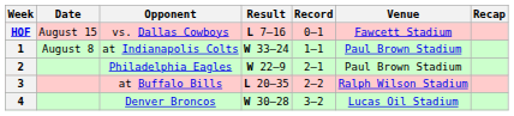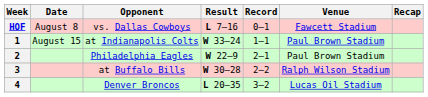 <table class="wikitable" style="text-align:center">
 <tr>
 <th>Week</th>
 <th>Date</th>
 <th>Opponent</th>
 <th>Result</th>
 <th>Record</th>
 <th>Venue</th>
 <th>Recap</th>
 </tr>
 <tr style="background:#fcc">
 <th><a href='#'>HOF</a></th>
-<td>August 15</td>
+<td>August 8</td>
 <td>vs. <a href='#'>Dallas Cowboys</a></td>
 <td><strong>L</strong> 7–16</td>
 <td>0–1</td>
 <td><a href='#'>Fawcett Stadium</a> </td>
 <td></td>
 </tr>
 <tr style="background:#cfc">
 <th>1</th>
-<td>August 8</td>
+<td>August 15</td>
 <td>at <a href='#'>Indianapolis Colts</a></td>
 <td><strong>W</strong> 33–24</td>
 <td>1–1</td>
 <td><a href='#'>Paul Brown Stadium</a></td>
 <td></td>
 </tr>
 <tr style="background:#cfc">
 <th>2</th>
 <td></td>
 <td><a href='#'>Philadelphia Eagles</a></td>
 <td><strong>W</strong> 22–9</td>
 <td>2–1</td>
 <td>Paul Brown Stadium</td>
 <td></td>
 </tr>
 <tr style="background:#fcc">
 <th>3</th>
 <td></td>
 <td>at <a href='#'>Buffalo Bills</a></td>
-<td><strong>L</strong> 20–35</td>
+<td><strong>W</strong> 30–28</td>
 <td>2–2</td>
 <td><a href='#'>Ralph Wilson Stadium</a></td>
 <td></td>
 </tr>
 <tr style="background:#cfc">
 <th>4</th>
 <td></td>
 <td><a href='#'>Denver Broncos</a></td>
-<td><strong>W</strong> 30–28</td>
+<td><strong>L</strong> 20–35</td>
 <td>3–2</td>
 <td><a href='#'>Lucas Oil Stadium</a></td>
 <td></td>
 </tr>
 </table>
